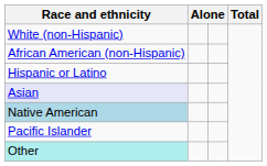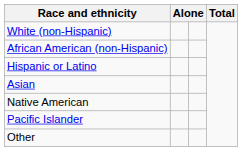 <table class="wikitable sortable mw-collapsible" ; text-align:right; font-size:80%;">
 <tr>
 <th>Race and ethnicity</th>
 <th colspan="2" data-sort-type=number>Alone</th>
 <th colspan="2" data-sort-type=number>Total</th>
 </tr>
 <tr>
 <td><a href='#'>White (non-Hispanic)</a></td>
 <td align=right></td>
 <td align=right></td>
 </tr>
 <tr>
 <td><a href='#'>African American (non-Hispanic)</a></td>
 <td align=right></td>
 <td align=right></td>
 </tr>
 <tr>
 <td><a href='#'>Hispanic or Latino</a></td>
 <td align=right></td>
 <td align=right></td>
 </tr>
 <tr>
-<td style="background: lavender;"><a href='#'>Asian</a></td>
+<td><a href='#'>Asian</a></td>
 <td align=right></td>
 <td align=right></td>
 </tr>
 <tr>
-<td style="background: lightblue;">Native American</td>
+<td>Native American</td>
 <td align=right></td>
 <td align=right></td>
 </tr>
 <tr>
 <td><a href='#'>Pacific Islander</a></td>
 <td align=right></td>
 <td align=right></td>
 </tr>
 <tr>
-<td style="background: paleturquoise;">Other</td>
+<td>Other</td>
 <td align=right></td>
 <td align=right></td>
 </tr>
 </table>
